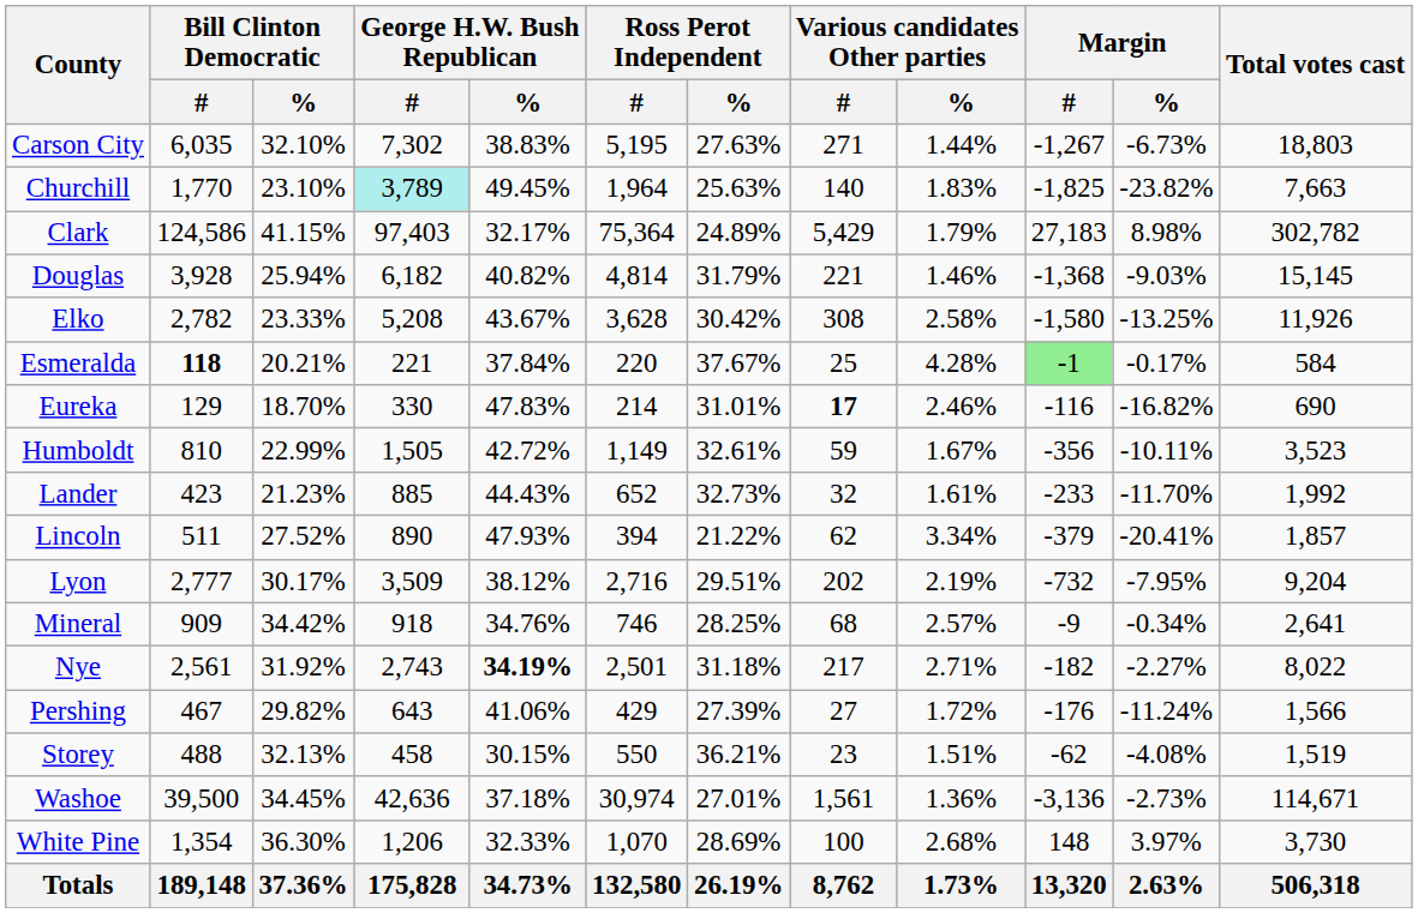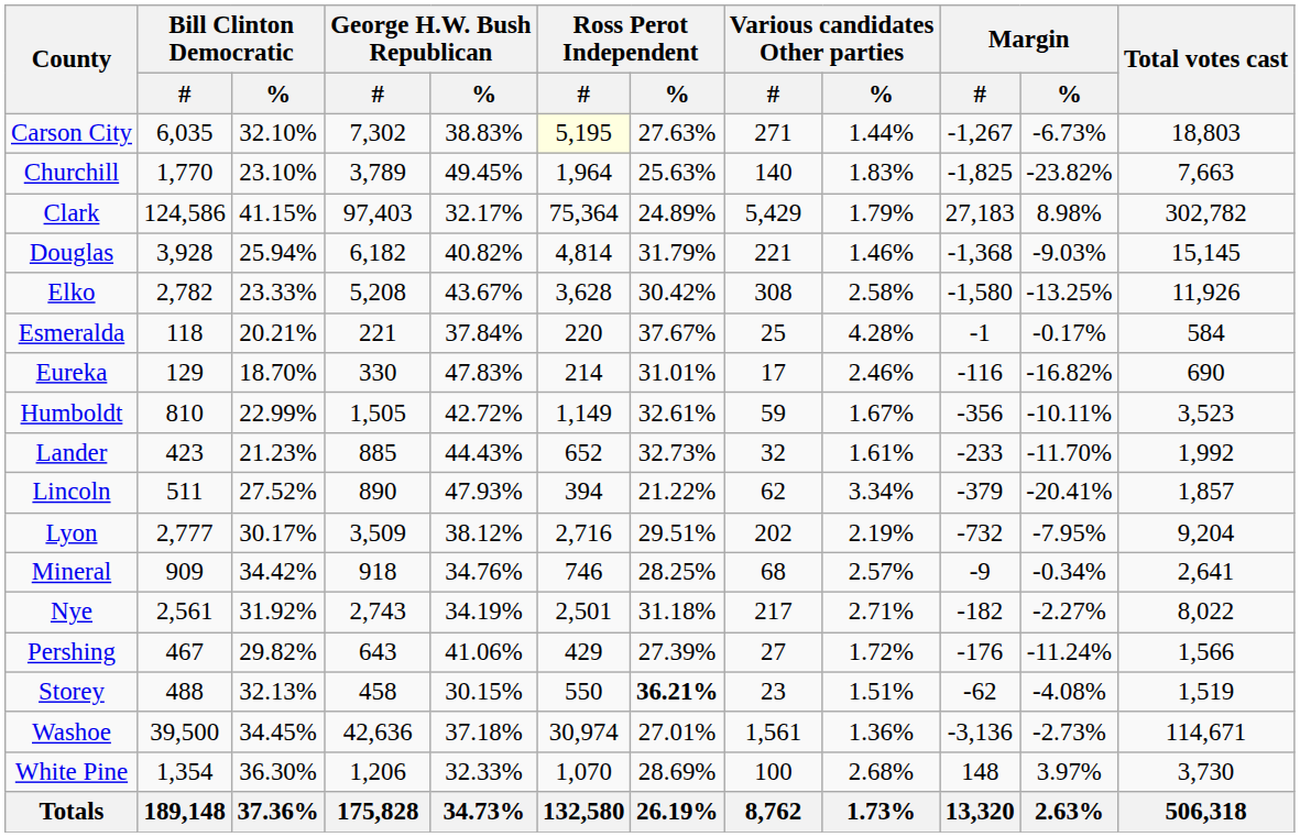 <table class="wikitable sortable" style="text-align:center">
 <tr>
 <th style="text-align:center;" rowspan="2">County</th>
 <th style="text-align:center;" colspan="2">Bill Clinton<br>Democratic</th>
 <th style="text-align:center;" colspan="2">George H.W. Bush<br>Republican</th>
 <th style="text-align:center;" colspan="2">Ross Perot<br>Independent</th>
 <th style="text-align:center;" colspan="2">Various candidates<br>Other parties</th>
 <th style="text-align:center;" colspan="2">Margin</th>
 <th style="text-align:center;" rowspan="2">Total votes cast</th>
 </tr>
 <tr>
 <th style="text-align:center;" data-sort-type="number">#</th>
 <th style="text-align:center;" data-sort-type="number">%</th>
 <th style="text-align:center;" data-sort-type="number">#</th>
 <th style="text-align:center;" data-sort-type="number">%</th>
 <th style="text-align:center;" data-sort-type="number">#</th>
 <th style="text-align:center;" data-sort-type="number">%</th>
 <th style="text-align:center;" data-sort-type="number">#</th>
 <th style="text-align:center;" data-sort-type="number">%</th>
 <th style="text-align:center;" data-sort-type="number">#</th>
 <th style="text-align:center;" data-sort-type="number">%</th>
 </tr>
 <tr style="text-align:center;">
 <td><a href='#'>Carson City</a></td>
 <td>6,035</td>
 <td>32.10%</td>
 <td>7,302</td>
 <td>38.83%</td>
-<td>5,195</td>
+<td style="background: lightyellow;">5,195</td>
 <td>27.63%</td>
 <td>271</td>
 <td>1.44%</td>
 <td>-1,267</td>
 <td>-6.73%</td>
 <td>18,803</td>
 </tr>
 <tr style="text-align:center;">
 <td><a href='#'>Churchill</a></td>
 <td>1,770</td>
 <td>23.10%</td>
-<td style="background: paleturquoise;">3,789</td>
+<td>3,789</td>
 <td>49.45%</td>
 <td>1,964</td>
 <td>25.63%</td>
 <td>140</td>
 <td>1.83%</td>
 <td>-1,825</td>
 <td>-23.82%</td>
 <td>7,663</td>
 </tr>
 <tr style="text-align:center;">
 <td><a href='#'>Clark</a></td>
 <td>124,586</td>
 <td>41.15%</td>
 <td>97,403</td>
 <td>32.17%</td>
 <td>75,364</td>
 <td>24.89%</td>
 <td>5,429</td>
 <td>1.79%</td>
 <td>27,183</td>
 <td>8.98%</td>
 <td>302,782</td>
 </tr>
 <tr style="text-align:center;">
 <td><a href='#'>Douglas</a></td>
 <td>3,928</td>
 <td>25.94%</td>
 <td>6,182</td>
 <td>40.82%</td>
 <td>4,814</td>
 <td>31.79%</td>
 <td>221</td>
 <td>1.46%</td>
 <td>-1,368</td>
 <td>-9.03%</td>
 <td>15,145</td>
 </tr>
 <tr style="text-align:center;">
 <td><a href='#'>Elko</a></td>
 <td>2,782</td>
 <td>23.33%</td>
 <td>5,208</td>
 <td>43.67%</td>
 <td>3,628</td>
 <td>30.42%</td>
 <td>308</td>
 <td>2.58%</td>
 <td>-1,580</td>
 <td>-13.25%</td>
 <td>11,926</td>
 </tr>
 <tr style="text-align:center;">
 <td><a href='#'>Esmeralda</a></td>
-<td><strong>118</strong></td>
+<td>118</td>
 <td>20.21%</td>
 <td>221</td>
 <td>37.84%</td>
 <td>220</td>
 <td>37.67%</td>
 <td>25</td>
 <td>4.28%</td>
-<td style="background: lightgreen;">-1</td>
+<td>-1</td>
 <td>-0.17%</td>
 <td>584</td>
 </tr>
 <tr style="text-align:center;">
 <td><a href='#'>Eureka</a></td>
 <td>129</td>
 <td>18.70%</td>
 <td>330</td>
 <td>47.83%</td>
 <td>214</td>
 <td>31.01%</td>
-<td><strong>17</strong></td>
+<td>17</td>
 <td>2.46%</td>
 <td>-116</td>
 <td>-16.82%</td>
 <td>690</td>
 </tr>
 <tr style="text-align:center;">
 <td><a href='#'>Humboldt</a></td>
 <td>810</td>
 <td>22.99%</td>
 <td>1,505</td>
 <td>42.72%</td>
 <td>1,149</td>
 <td>32.61%</td>
 <td>59</td>
 <td>1.67%</td>
 <td>-356</td>
 <td>-10.11%</td>
 <td>3,523</td>
 </tr>
 <tr style="text-align:center;">
 <td><a href='#'>Lander</a></td>
 <td>423</td>
 <td>21.23%</td>
 <td>885</td>
 <td>44.43%</td>
 <td>652</td>
 <td>32.73%</td>
 <td>32</td>
 <td>1.61%</td>
 <td>-233</td>
 <td>-11.70%</td>
 <td>1,992</td>
 </tr>
 <tr style="text-align:center;">
 <td><a href='#'>Lincoln</a></td>
 <td>511</td>
 <td>27.52%</td>
 <td>890</td>
 <td>47.93%</td>
 <td>394</td>
 <td>21.22%</td>
 <td>62</td>
 <td>3.34%</td>
 <td>-379</td>
 <td>-20.41%</td>
 <td>1,857</td>
 </tr>
 <tr style="text-align:center;">
 <td><a href='#'>Lyon</a></td>
 <td>2,777</td>
 <td>30.17%</td>
 <td>3,509</td>
 <td>38.12%</td>
 <td>2,716</td>
 <td>29.51%</td>
 <td>202</td>
 <td>2.19%</td>
 <td>-732</td>
 <td>-7.95%</td>
 <td>9,204</td>
 </tr>
 <tr style="text-align:center;">
 <td><a href='#'>Mineral</a></td>
 <td>909</td>
 <td>34.42%</td>
 <td>918</td>
 <td>34.76%</td>
 <td>746</td>
 <td>28.25%</td>
 <td>68</td>
 <td>2.57%</td>
 <td>-9</td>
 <td>-0.34%</td>
 <td>2,641</td>
 </tr>
 <tr style="text-align:center;">
 <td><a href='#'>Nye</a></td>
 <td>2,561</td>
 <td>31.92%</td>
 <td>2,743</td>
-<td><strong>34.19%</strong></td>
+<td>34.19%</td>
 <td>2,501</td>
 <td>31.18%</td>
 <td>217</td>
 <td>2.71%</td>
 <td>-182</td>
 <td>-2.27%</td>
 <td>8,022</td>
 </tr>
 <tr style="text-align:center;">
 <td><a href='#'>Pershing</a></td>
 <td>467</td>
 <td>29.82%</td>
 <td>643</td>
 <td>41.06%</td>
 <td>429</td>
 <td>27.39%</td>
 <td>27</td>
 <td>1.72%</td>
 <td>-176</td>
 <td>-11.24%</td>
 <td>1,566</td>
 </tr>
 <tr style="text-align:center;">
 <td><a href='#'>Storey</a></td>
 <td>488</td>
 <td>32.13%</td>
 <td>458</td>
 <td>30.15%</td>
 <td>550</td>
-<td>36.21%</td>
+<td><strong>36.21%</strong></td>
 <td>23</td>
 <td>1.51%</td>
 <td>-62</td>
 <td>-4.08%</td>
 <td>1,519</td>
 </tr>
 <tr style="text-align:center;">
 <td><a href='#'>Washoe</a></td>
 <td>39,500</td>
 <td>34.45%</td>
 <td>42,636</td>
 <td>37.18%</td>
 <td>30,974</td>
 <td>27.01%</td>
 <td>1,561</td>
 <td>1.36%</td>
 <td>-3,136</td>
 <td>-2.73%</td>
 <td>114,671</td>
 </tr>
 <tr style="text-align:center;">
 <td><a href='#'>White Pine</a></td>
 <td>1,354</td>
 <td>36.30%</td>
 <td>1,206</td>
 <td>32.33%</td>
 <td>1,070</td>
 <td>28.69%</td>
 <td>100</td>
 <td>2.68%</td>
 <td>148</td>
 <td>3.97%</td>
 <td>3,730</td>
 </tr>
 <tr style="text-align:center;">
 <th>Totals</th>
 <th>189,148</th>
 <th>37.36%</th>
 <th>175,828</th>
 <th>34.73%</th>
 <th>132,580</th>
 <th>26.19%</th>
 <th>8,762</th>
 <th>1.73%</th>
 <th>13,320</th>
 <th>2.63%</th>
 <th>506,318</th>
 </tr>
 </table>
